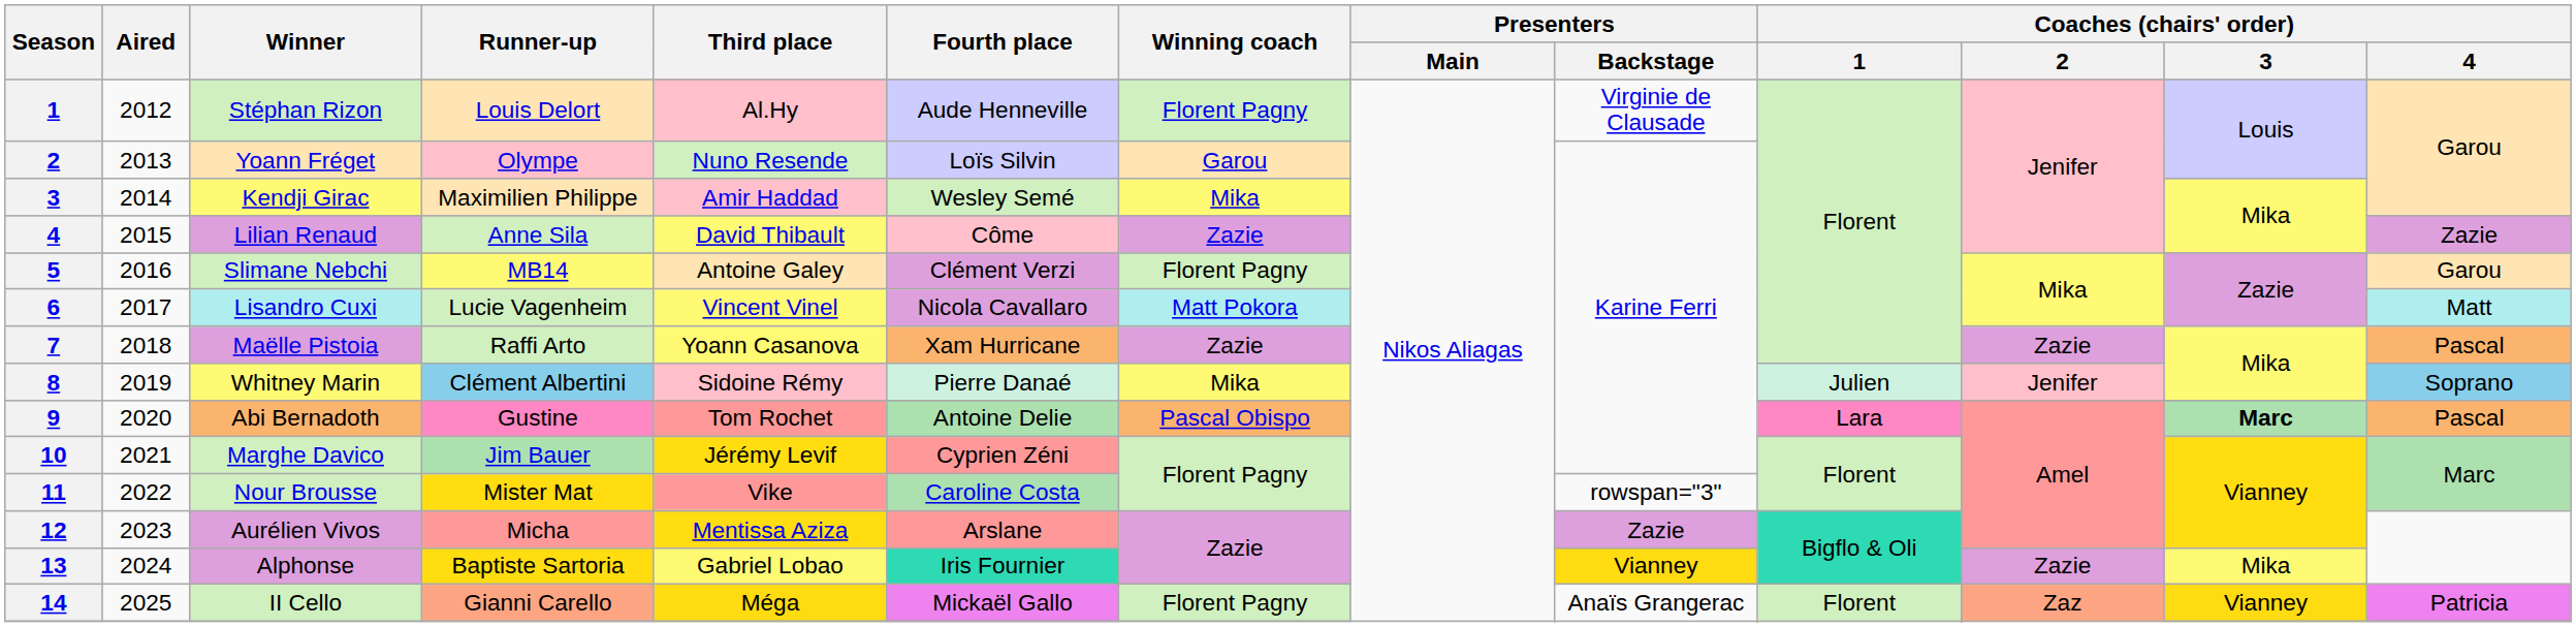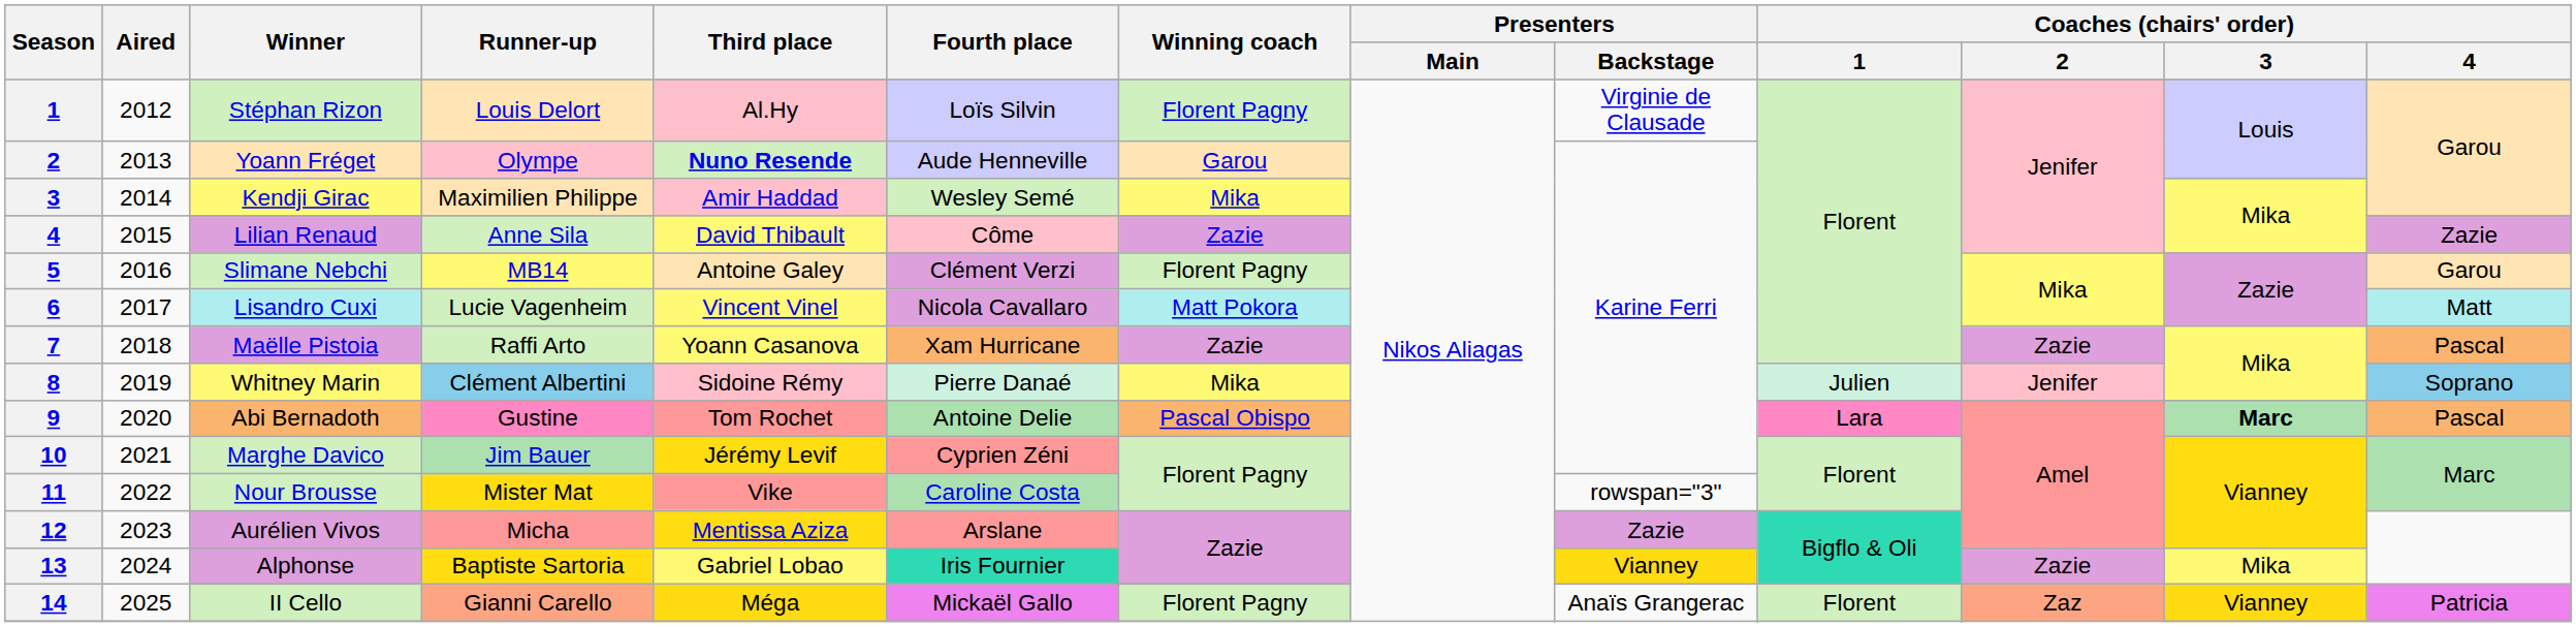 <table class="wikitable" style="text-align:center; font-size:90%; line-height:16px; width:100%">
 <tr>
 <th rowspan="2" scope="col" width="1%">Season</th>
 <th rowspan="2" scope="col" width="3%">Aired</th>
 <th rowspan="2" scope="col" width="8%">Winner</th>
 <th rowspan="2" scope="col" width="8%">Runner-up</th>
 <th rowspan="2" scope="col" width="8%">Third place</th>
 <th rowspan="2" scope="col" width="8%">Fourth place</th>
 <th rowspan="2" scope="col" width="8%">Winning coach</th>
 <th colspan="2" scope="col">Presenters</th>
 <th scope="row" colspan="5">Coaches (chairs' order)</th>
 </tr>
 <tr>
 <th scope="col" width="7%">Main</th>
 <th scope="col" width="7%">Backstage</th>
 <th width="7%">1</th>
 <th width="7%">2</th>
 <th width="7%">3</th>
 <th width="7%">4</th>
 </tr>
 <tr>
 <th><a href='#'>1</a></th>
 <td>2012</td>
 <td style="background:#d0f0c0"><a href='#'>Stéphan Rizon</a></td>
 <td style="background:#ffe5b4"><a href='#'>Louis Delort</a></td>
 <td style="background: pink">Al.Hy</td>
-<td style="background:#ccccff">Aude Henneville</td>
+<td style="background:#ccccff">Loïs Silvin</td>
 <td style="background:#d0f0c0"><a href='#'>Florent Pagny</a></td>
 <td rowspan="17"><a href='#'>Nikos Aliagas</a></td>
 <td><a href='#'>Virginie de Clausade</a></td>
 <td rowspan="7" style="background:#d0f0c0">Florent</td>
 <td rowspan="4" style="background: pink">Jenifer</td>
 <td rowspan="2" style="background:#ccccff">Louis</td>
 <td rowspan="3" style="background:#ffe5b4">Garou</td>
 </tr>
 <tr>
 <th><a href='#'>2</a></th>
 <td>2013</td>
 <td style="background:#ffe5b4"><a href='#'>Yoann Fréget</a></td>
 <td style="background: pink"><a href='#'>Olympe</a></td>
-<td style="background:#d0f0c0"><a href='#'>Nuno Resende</a></td>
-<td style="background:#ccccff">Loïs Silvin</td>
+<td style="background:#d0f0c0"><strong><a href='#'>Nuno Resende</a></strong></td>
+<td style="background:#ccccff">Aude Henneville</td>
 <td style="background:#ffe5b4"><a href='#'>Garou</a></td>
 <td rowspan="9"><a href='#'>Karine Ferri</a></td>
 </tr>
 <tr>
 <th><a href='#'>3</a></th>
 <td>2014</td>
 <td style="background:#fffa73"><a href='#'>Kendji Girac</a></td>
 <td style="background:#ffe5b4">Maximilien Philippe</td>
 <td style="background: pink"><a href='#'>Amir Haddad</a></td>
 <td style="background:#d0f0c0">Wesley Semé</td>
 <td style="background:#fffa73"><a href='#'>Mika</a></td>
 <td style="background:#fffa73" rowspan="2">Mika</td>
 </tr>
 <tr>
 <th><a href='#'>4</a></th>
 <td>2015</td>
 <td style="background:#dda0dd"><a href='#'>Lilian Renaud</a></td>
 <td style="background:#d0f0c0"><a href='#'>Anne Sila</a></td>
 <td style="background:#fffa73"><a href='#'>David Thibault</a></td>
 <td style="background: pink">Côme</td>
 <td style="background:#dda0dd"><a href='#'>Zazie</a></td>
 <td style="background:#dda0dd">Zazie</td>
 </tr>
 <tr>
 <th><a href='#'>5</a></th>
 <td>2016</td>
 <td style="background:#d0f0c0"><a href='#'>Slimane Nebchi</a></td>
 <td style="background:#fffa73"><a href='#'>MB14</a></td>
 <td style="background:#ffe5b4">Antoine Galey</td>
 <td style="background:#dda0dd">Clément Verzi</td>
 <td style="background:#d0f0c0">Florent Pagny</td>
 <td style="background:#fffa73" rowspan="2">Mika</td>
 <td style="background:#dda0dd" rowspan="2">Zazie</td>
 <td style="background:#ffe5b4">Garou</td>
 </tr>
 <tr>
 <th><a href='#'>6</a></th>
 <td>2017</td>
 <td style="background:#afeeee"><a href='#'>Lisandro Cuxi</a></td>
 <td style="background:#d0f0c0">Lucie Vagenheim</td>
 <td style="background:#fffa73"><a href='#'>Vincent Vinel</a></td>
 <td style="background:#dda0dd">Nicola Cavallaro</td>
 <td style="background:#afeeee"><a href='#'>Matt Pokora</a></td>
 <td style="background:#afeeee">Matt</td>
 </tr>
 <tr>
 <th><a href='#'>7</a></th>
 <td>2018</td>
 <td style="background:#dda0dd"><a href='#'>Maëlle Pistoia</a></td>
 <td style="background:#d0f0c0">Raffi Arto</td>
 <td style="background:#fffa73">Yoann Casanova</td>
 <td style="background:#fbb46e">Xam Hurricane</td>
 <td style="background:#dda0dd">Zazie</td>
 <td style="background:#dda0dd">Zazie</td>
 <td style="background:#fffa73" rowspan="2">Mika</td>
 <td style="background:#fbb46e">Pascal</td>
 </tr>
 <tr>
 <th><a href='#'>8</a></th>
 <td>2019</td>
 <td style="background:#fffa73">Whitney Marin</td>
 <td style="background:#87ceeb">Clément Albertini</td>
 <td style="background: pink">Sidoine Rémy</td>
 <td style="background:#cef2e0">Pierre Danaé</td>
 <td style="background:#fffa73">Mika</td>
 <td style="background:#cef2e0">Julien</td>
 <td style="background: pink">Jenifer</td>
 <td style="background:#87ceeb">Soprano</td>
 </tr>
 <tr>
 <th><a href='#'>9</a></th>
 <td>2020</td>
 <td style="background:#fbb46e">Abi Bernadoth</td>
 <td style="background:#FF87C3">Gustine</td>
 <td style="background:#ff9999">Tom Rochet</td>
 <td style="background:#ace1af">Antoine Delie</td>
 <td style="background:#fbb46e"><a href='#'>Pascal Obispo</a></td>
 <td style="background:#FF87C3">Lara</td>
 <td rowspan="4" style="background:#ff9999">Amel</td>
 <td style="background:#ace1af"><strong>Marc</strong></td>
 <td style="background:#fbb46e">Pascal</td>
 </tr>
 <tr>
 <th><a href='#'>10</a></th>
 <td>2021</td>
 <td style="background:#d0f0c0"><a href='#'>Marghe Davico</a></td>
 <td style="background:#ace1af"><a href='#'>Jim Bauer</a></td>
 <td style="background:#ffdd11">Jérémy Levif</td>
 <td style="background:#ff9999">Cyprien Zéni</td>
 <td rowspan="2" style="background:#d0f0c0">Florent Pagny</td>
 <td rowspan="2" style="background:#d0f0c0">Florent</td>
 <td rowspan="3" style="background:#ffdd11">Vianney</td>
 <td rowspan="2" style="background:#ace1af">Marc</td>
 </tr>
 <tr>
 <th><a href='#'>11</a></th>
 <td>2022</td>
 <td style="background:#d0f0c0"><a href='#'>Nour Brousse</a></td>
 <td style="background:#ffdd11">Mister Mat</td>
 <td style="background:#ff9999">Vike</td>
 <td style="background:#ace1af"><a href='#'>Caroline Costa</a></td>
 <td>rowspan="3" </td>
 </tr>
 <tr>
 <th><a href='#'>12</a></th>
 <td>2023</td>
 <td style="background:#dda0dd">Aurélien Vivos</td>
 <td style="background:#ff9999">Micha</td>
 <td style="background:#ffdd11"><a href='#'>Mentissa Aziza</a></td>
 <td style="background:#ff9999">Arslane</td>
 <td rowspan="2" style="background:#dda0dd">Zazie</td>
 <td style="background:#dda0dd">Zazie</td>
 <td rowspan="2" style="background:#2ddab4">Bigflo & Oli</td>
 </tr>
 <tr>
 <th><a href='#'>13</a></th>
 <td>2024</td>
 <td style="background:#dda0dd">Alphonse</td>
 <td style="background:#ffdd11">Baptiste Sartoria</td>
 <td style="background:#fffa73">Gabriel Lobao</td>
 <td style="background:#2ddab4">Iris Fournier</td>
 <td style="background:#ffdb11">Vianney</td>
 <td style="background:#dda0dd">Zazie</td>
 <td style="background:#fffa73">Mika</td>
 </tr>
 <tr>
 <th><a href='#'>14</a></th>
 <td>2025</td>
 <td style="background:#d0f0c0">II Cello</td>
 <td style="background:#FDA582">Gianni Carello</td>
 <td style="background:#ffdb11">Méga</td>
 <td style="background:#ee82ee">Mickaël Gallo</td>
 <td style="background:#d0f0c0">Florent Pagny</td>
 <td rowspan="4">Anaïs Grangerac</td>
 <td rowspan="2" style="background:#d0f0c0">Florent</td>
 <td rowspan="2" style="background:#FDA582">Zaz</td>
 <td style="background:#ffdb11">Vianney</td>
 <td style="background:#ee82ee">Patricia</td>
 </tr>
 <tr>
 </tr>
 </table>
